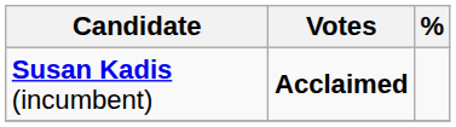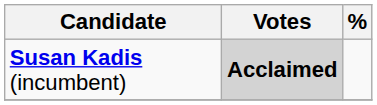 <table class="wikitable">
 <tr>
 <th bgcolor="#DDDDFF" width="150px">Candidate</th>
 <th bgcolor="#DDDDFF">Votes</th>
 <th bgcolor="#DDDDFF">%</th>
 </tr>
 <tr>
 <td><strong><a href='#'>Susan Kadis</a></strong> (incumbent)</td>
-<td><strong>Acclaimed</strong></td>
+<td style="background: lightgrey;"><strong>Acclaimed</strong></td>
 <td></td>
 </tr>
 <tr>
 </tr>
 </table>
